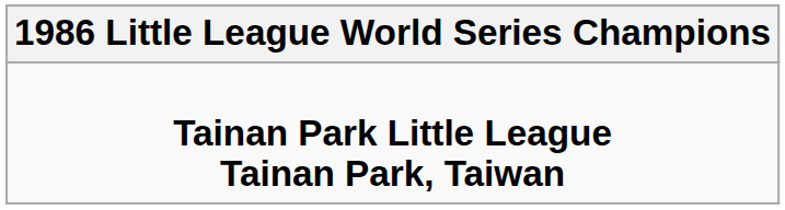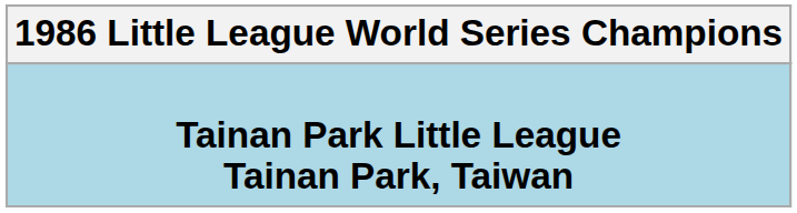 <table class="wikitable" style="text-align: center; margin: 0 auto;">
 <tr>
 <th>1986 Little League World Series Champions</th>
 </tr>
 <tr>
 </tr>
 <tr>
-<td><br><strong>Tainan Park Little League</strong><br><strong>Tainan Park, Taiwan</strong></td>
+<td style="background: lightblue;"><br><strong>Tainan Park Little League</strong><br><strong>Tainan Park, Taiwan</strong></td>
 </tr>
 </table>
